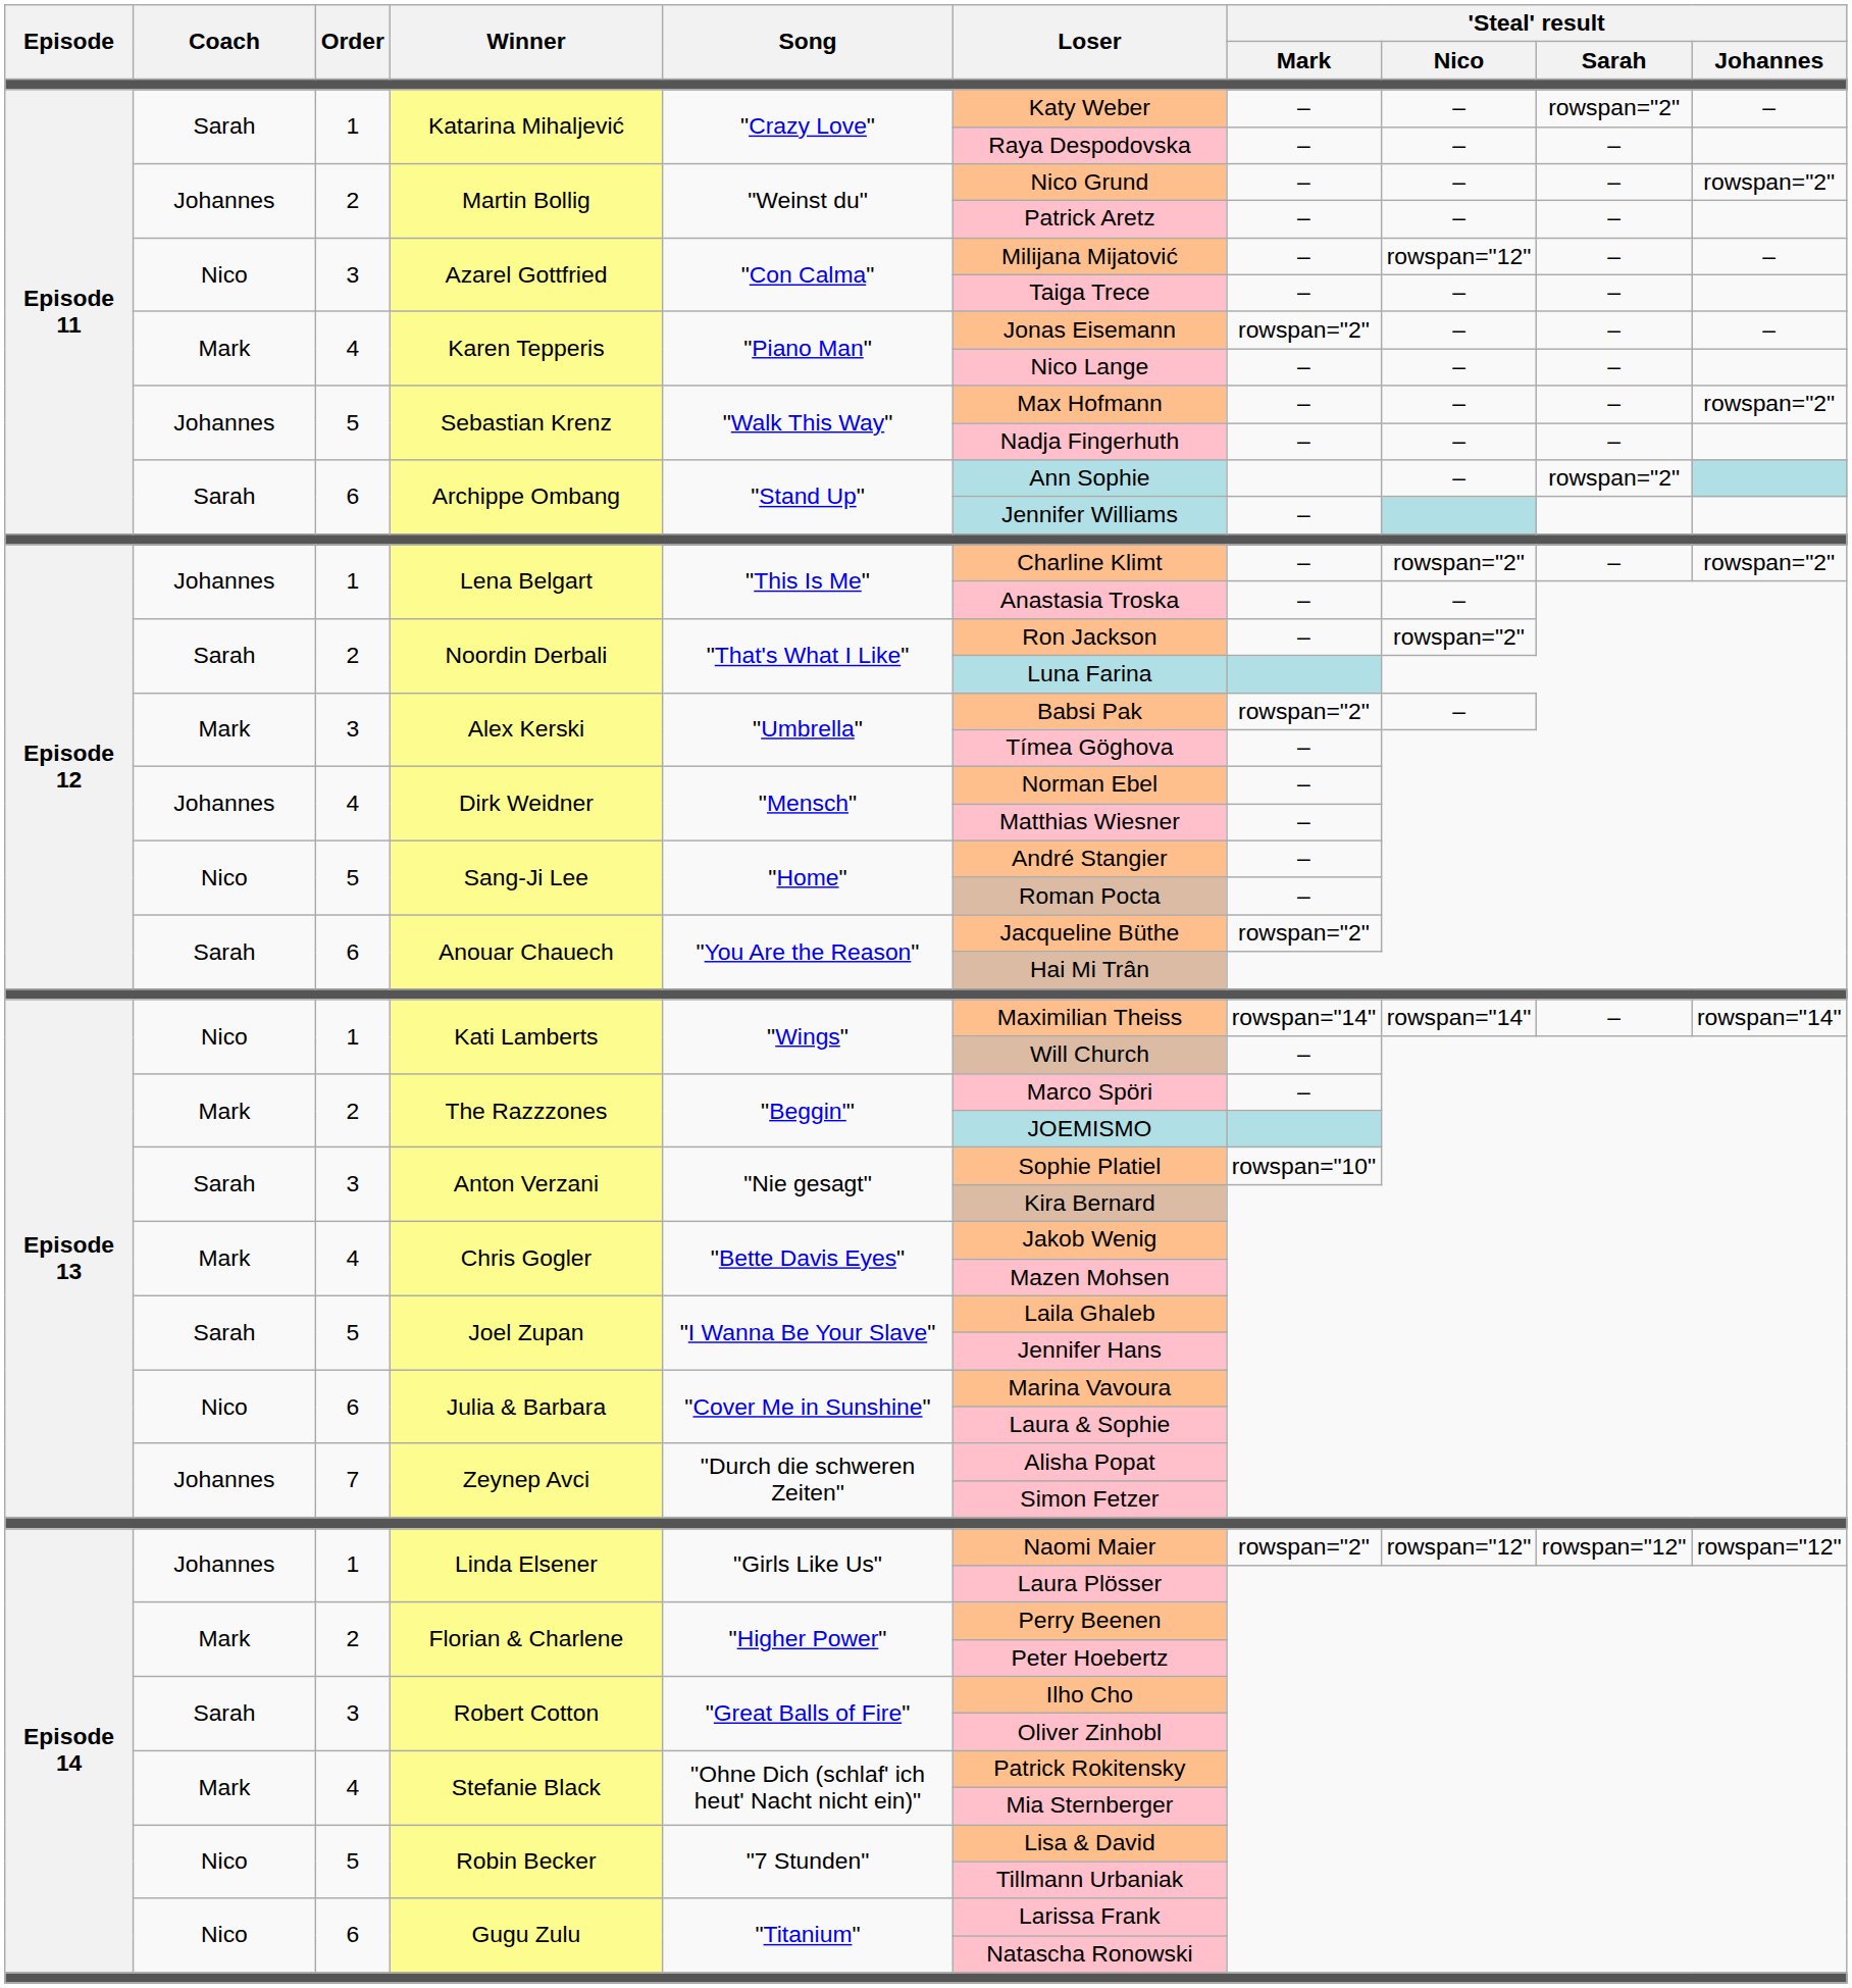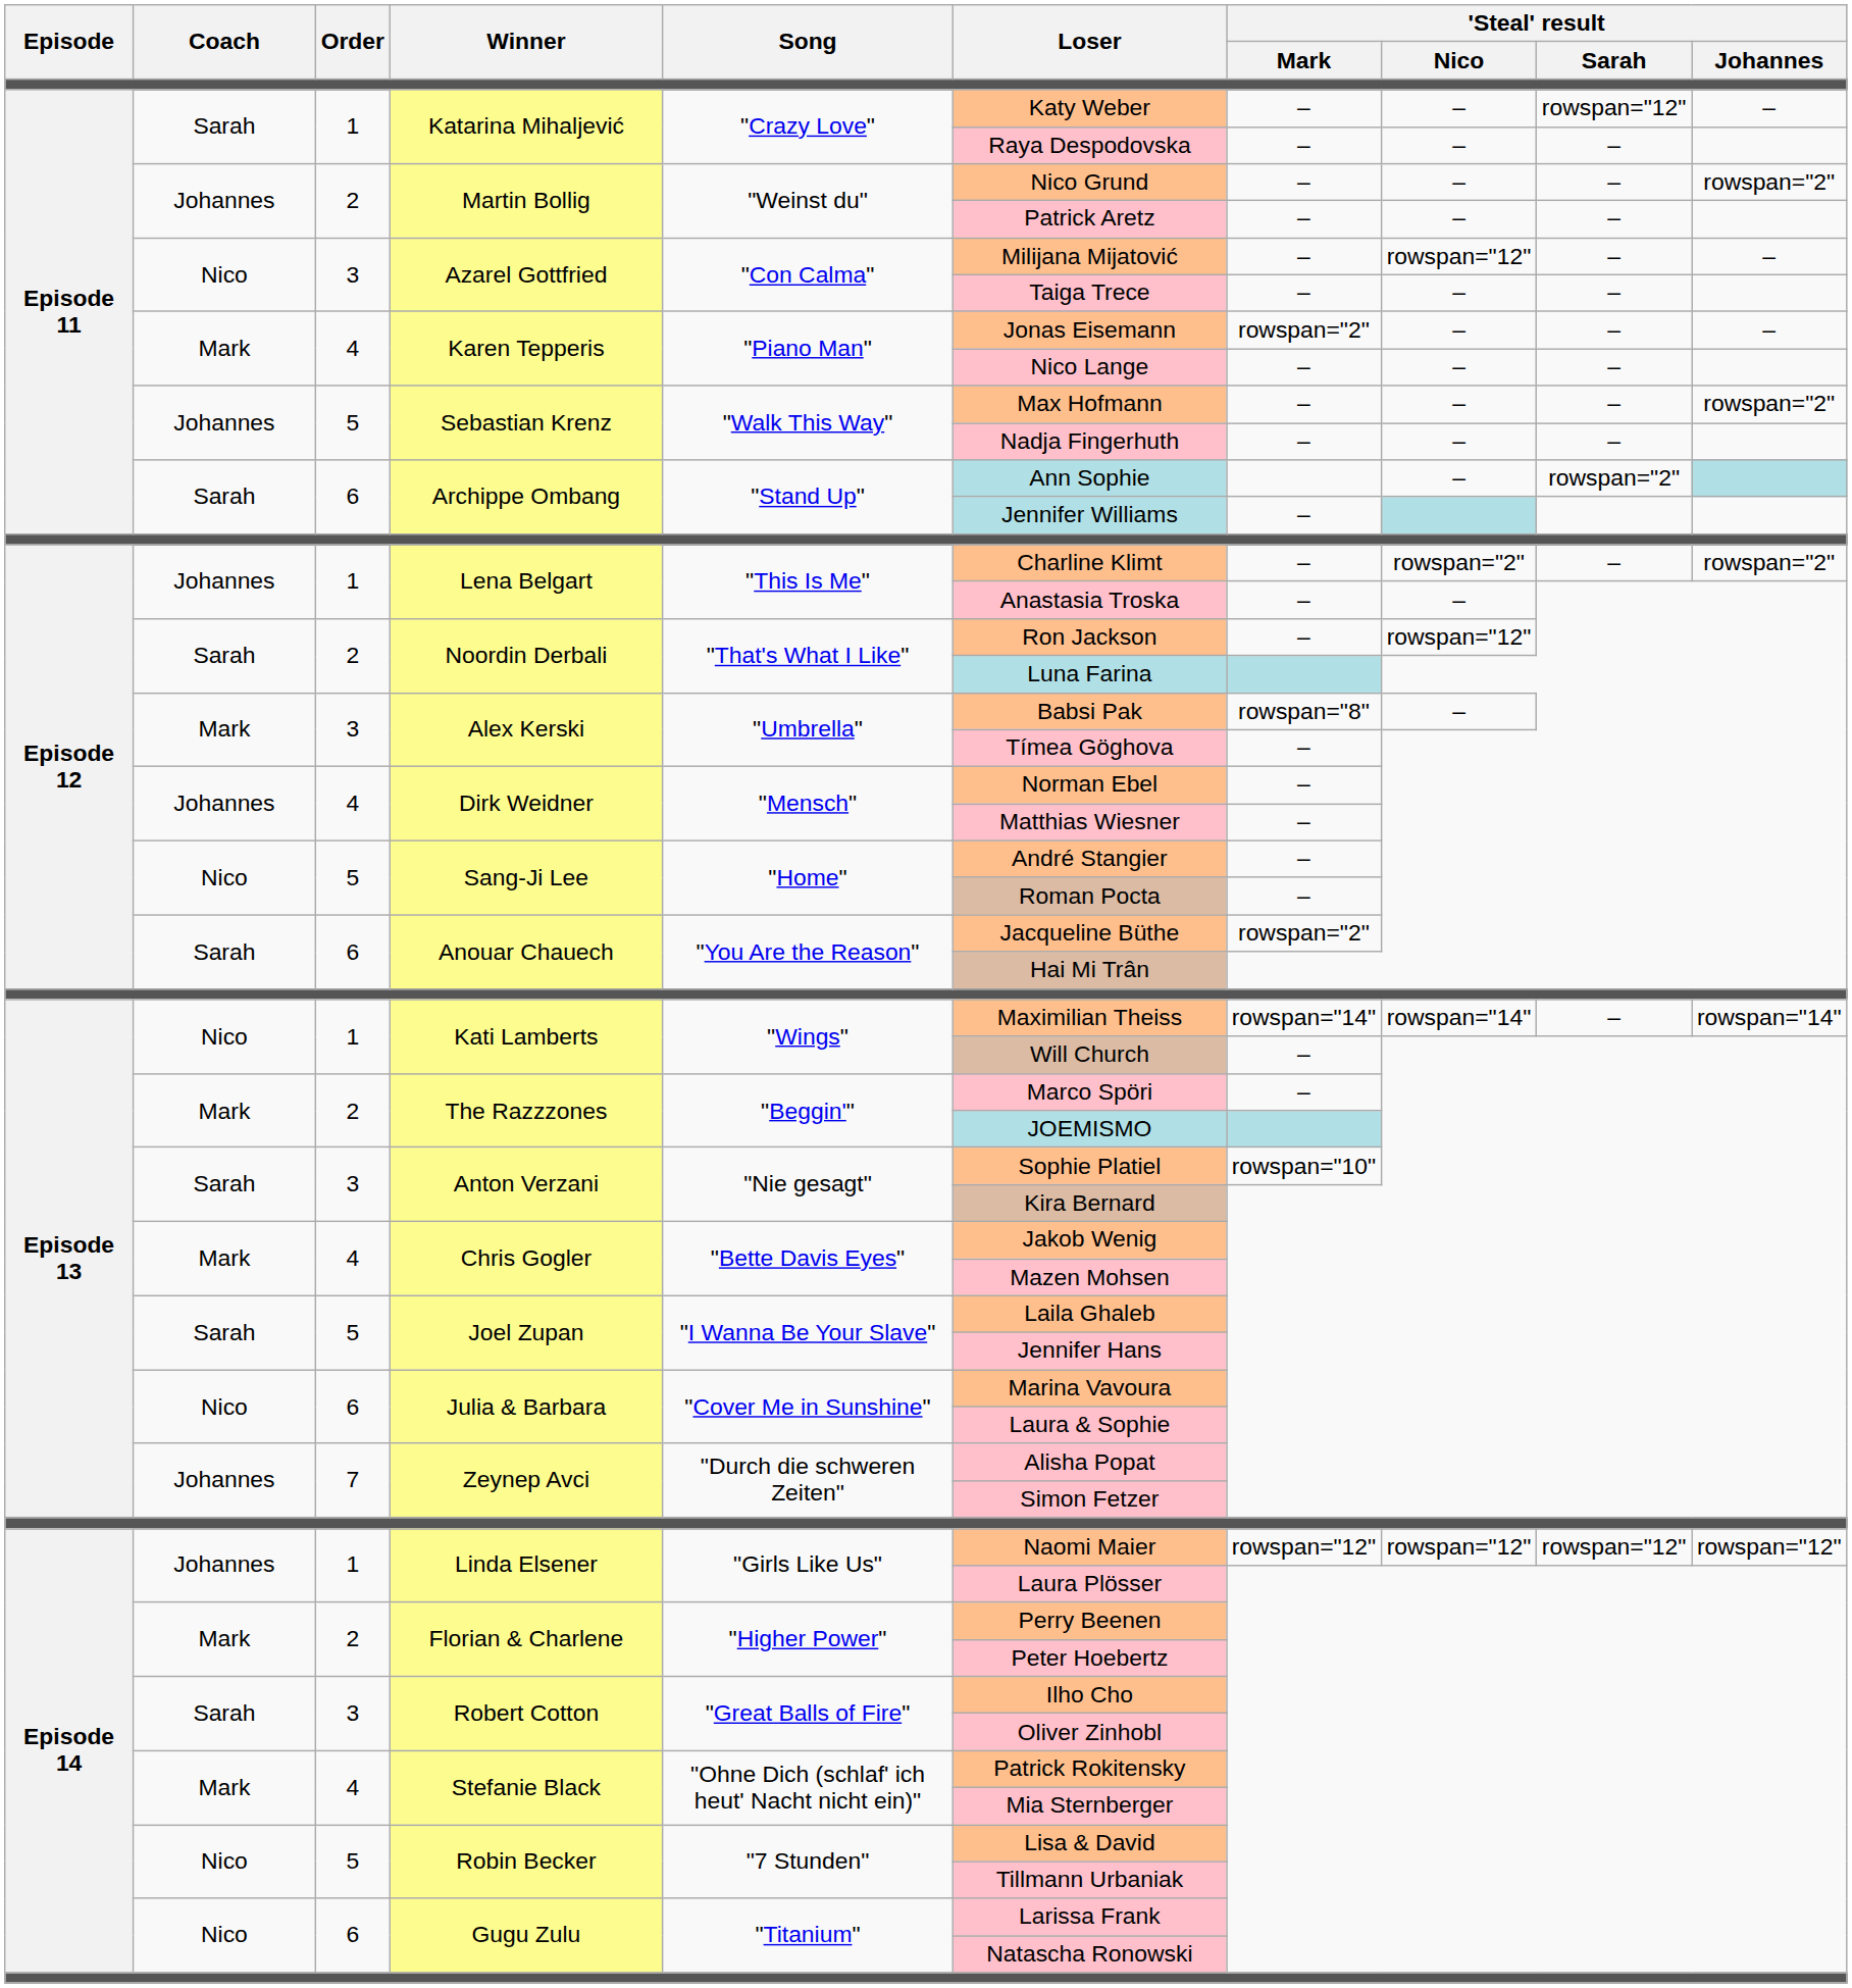 <table class="wikitable" style="text-align: center; width:100%;">
 <tr>
 <th rowspan="2" style="width:07%;">Episode</th>
 <th rowspan="2" style="width:10%;">Coach</th>
 <th rowspan="2" style="width:02%;">Order</th>
 <th rowspan="2" style="width:15%;">Winner</th>
 <th rowspan="2" style="width:16%;">Song</th>
 <th rowspan="2" style="width:15%;">Loser</th>
 <th colspan="4" style="width:25%;">'Steal' result</th>
 </tr>
 <tr>
 <th style="width:06%;">Mark</th>
 <th style="width:06%;">Nico</th>
 <th style="width:06%;">Sarah</th>
 <th style="width:06%;">Johannes</th>
 </tr>
 <tr>
 <td colspan="10" style="background:#555;"></td>
 </tr>
 <tr>
 <th rowspan="12">Episode 11<br><small></small></th>
 <td rowspan="2">Sarah</td>
 <td rowspan="2">1</td>
 <td rowspan="2" style="background:#fdfc8f;">Katarina Mihaljević</td>
 <td rowspan="2">"<a href='#'>Crazy Love</a>"</td>
 <td style="background:#FFBF8C;">Katy Weber</td>
 <td>–</td>
 <td>–</td>
-<td>rowspan="2" </td>
+<td>rowspan="12" </td>
 <td>–</td>
 </tr>
 <tr>
 <td style="background:pink;">Raya Despodovska</td>
 <td>–</td>
 <td>–</td>
 <td>–</td>
 </tr>
 <tr>
 <td rowspan="2">Johannes</td>
 <td rowspan="2">2</td>
 <td rowspan="2" style="background:#fdfc8f;">Martin Bollig</td>
 <td rowspan="2">"Weinst du"</td>
 <td style="background:#FFBF8C;">Nico Grund</td>
 <td>–</td>
 <td>–</td>
 <td>–</td>
 <td>rowspan="2" </td>
 </tr>
 <tr>
 <td style="background:pink;">Patrick Aretz</td>
 <td>–</td>
 <td>–</td>
 <td>–</td>
 </tr>
 <tr>
 <td rowspan="2">Nico</td>
 <td rowspan="2">3</td>
 <td rowspan="2" style="background:#fdfc8f;">Azarel Gottfried</td>
 <td rowspan="2">"<a href='#'>Con Calma</a>"</td>
 <td style="background:#FFBF8C;">Milijana Mijatović</td>
 <td>–</td>
 <td>rowspan="12" </td>
 <td>–</td>
 <td>–</td>
 </tr>
 <tr>
 <td style="background:pink;">Taiga Trece</td>
 <td>–</td>
 <td>–</td>
 <td>–</td>
 </tr>
 <tr>
 <td rowspan="2">Mark</td>
 <td rowspan="2">4</td>
 <td rowspan="2" style="background:#fdfc8f;">Karen Tepperis</td>
 <td rowspan="2">"<a href='#'>Piano Man</a>"</td>
 <td style="background:#FFBF8C;">Jonas Eisemann</td>
 <td>rowspan="2" </td>
 <td>–</td>
 <td>–</td>
 <td>–</td>
 </tr>
 <tr>
 <td style="background:pink;">Nico Lange</td>
 <td>–</td>
 <td>–</td>
 <td>–</td>
 </tr>
 <tr>
 <td rowspan="2">Johannes</td>
 <td rowspan="2">5</td>
 <td rowspan="2" style="background:#fdfc8f;">Sebastian Krenz</td>
 <td rowspan="2">"<a href='#'>Walk This Way</a>"</td>
 <td style="background:#FFBF8C;">Max Hofmann</td>
 <td>–</td>
 <td>–</td>
 <td>–</td>
 <td>rowspan="2" </td>
 </tr>
 <tr>
 <td style="background:pink;">Nadja Fingerhuth</td>
 <td>–</td>
 <td>–</td>
 <td>–</td>
 </tr>
 <tr>
 <td rowspan="2">Sarah</td>
 <td rowspan="2">6</td>
 <td rowspan="2" style="background:#fdfc8f;">Archippe Ombang</td>
 <td rowspan="2">"<a href='#'>Stand Up</a>"</td>
 <td style="background:#b0e0e6;">Ann Sophie</td>
 <td><strong></strong></td>
 <td>–</td>
 <td>rowspan="2" </td>
 <td style="background: #b0e0e6;"><strong></strong></td>
 </tr>
 <tr>
 <td style="background:#b0e0e6;">Jennifer Williams</td>
 <td>–</td>
 <td style="background: #b0e0e6;"><strong></strong></td>
 <td></td>
 </tr>
 <tr>
 <td colspan="10" style="background:#555"></td>
 </tr>
 <tr>
 <th rowspan="12">Episode 12<br><small></small></th>
 <td rowspan="2">Johannes</td>
 <td rowspan="2">1</td>
 <td rowspan="2" style="background:#fdfc8f;">Lena Belgart</td>
 <td rowspan="2">"<a href='#'>This Is Me</a>"</td>
 <td style="background:#FFBF8C;">Charline Klimt</td>
 <td>–</td>
 <td>rowspan="2" </td>
 <td>–</td>
 <td>rowspan="2" </td>
 </tr>
 <tr>
 <td style="background:pink;">Anastasia Troska</td>
 <td>–</td>
 <td>–</td>
 </tr>
 <tr>
 <td rowspan="2">Sarah</td>
 <td rowspan="2">2</td>
 <td rowspan="2" style="background:#fdfc8f;">Noordin Derbali</td>
 <td rowspan="2">"<a href='#'>That's What I Like</a>"</td>
 <td style="background:#FFBF8C;">Ron Jackson</td>
 <td>–</td>
-<td>rowspan="2" </td>
+<td>rowspan="12" </td>
 </tr>
 <tr>
 <td style="background:#b0e0e6;">Luna Farina</td>
 <td style="background: #b0e0e6;"><strong></strong></td>
 </tr>
 <tr>
 <td rowspan="2">Mark</td>
 <td rowspan="2">3</td>
 <td rowspan="2" style="background:#fdfc8f;">Alex Kerski</td>
 <td rowspan="2">"<a href='#'>Umbrella</a>"</td>
 <td style="background:#FFBF8C;">Babsi Pak</td>
-<td>rowspan="2" </td>
+<td>rowspan="8" </td>
 <td>–</td>
 </tr>
 <tr>
 <td style="background:pink;">Tímea Göghova</td>
 <td>–</td>
 </tr>
 <tr>
 <td rowspan="2">Johannes</td>
 <td rowspan="2">4</td>
 <td rowspan="2" style="background:#fdfc8f;">Dirk Weidner</td>
 <td rowspan="2">"<a href='#'>Mensch</a>"</td>
 <td style="background:#FFBF8C;">Norman Ebel</td>
 <td>–</td>
 </tr>
 <tr>
 <td style="background:pink;">Matthias Wiesner</td>
 <td>–</td>
 </tr>
 <tr>
 <td rowspan="2">Nico</td>
 <td rowspan="2">5</td>
 <td rowspan="2" style="background:#fdfc8f;">Sang-Ji Lee</td>
 <td rowspan="2">"<a href='#'>Home</a>"</td>
 <td style="background:#FFBF8C;">André Stangier</td>
 <td>–</td>
 </tr>
 <tr>
 <td style="background:#dbbba4;">Roman Pocta</td>
 <td>–</td>
 </tr>
 <tr>
 <td rowspan="2">Sarah</td>
 <td rowspan="2">6</td>
 <td rowspan="2" style="background:#fdfc8f;">Anouar Chauech</td>
 <td rowspan="2">"<a href='#'>You Are the Reason</a>"</td>
 <td style="background:#FFBF8C;">Jacqueline Büthe</td>
 <td>rowspan="2" </td>
 </tr>
 <tr>
 <td style="background:#dbbba4;">Hai Mi Trân</td>
 </tr>
 <tr>
 <td colspan="10" style="background:#555"></td>
 </tr>
 <tr>
 <th rowspan="14">Episode 13<br><small></small></th>
 <td rowspan="2">Nico</td>
 <td rowspan="2">1</td>
 <td rowspan="2" style="background:#fdfc8f;">Kati Lamberts</td>
 <td rowspan="2">"<a href='#'>Wings</a>"</td>
 <td style="background:#FFBF8C;">Maximilian Theiss</td>
 <td>rowspan="14" </td>
 <td>rowspan="14" </td>
 <td>–</td>
 <td>rowspan="14" </td>
 </tr>
 <tr>
 <td style="background:#dbbba4;">Will Church</td>
 <td>–</td>
 </tr>
 <tr>
 <td rowspan="2">Mark</td>
 <td rowspan="2">2</td>
 <td rowspan="2" style="background:#fdfc8f;">The Razzzones</td>
 <td rowspan="2">"<a href='#'>Beggin'</a>"</td>
 <td style="background:pink;">Marco Spöri</td>
 <td>–</td>
 </tr>
 <tr>
 <td style="background:#b0e0e6;">JOEMISMO</td>
 <td style="background: #b0e0e6;"><strong></strong></td>
 </tr>
 <tr>
 <td rowspan="2">Sarah</td>
 <td rowspan="2">3</td>
 <td rowspan="2" style="background:#fdfc8f;">Anton Verzani</td>
 <td rowspan="2">"Nie gesagt"</td>
 <td style="background:#FFBF8C;">Sophie Platiel</td>
 <td>rowspan="10" </td>
 </tr>
 <tr>
 <td style="background:#dbbba4;">Kira Bernard</td>
 </tr>
 <tr>
 <td rowspan="2">Mark</td>
 <td rowspan="2">4</td>
 <td rowspan="2" style="background:#fdfc8f;">Chris Gogler</td>
 <td rowspan="2">"<a href='#'>Bette Davis Eyes</a>"</td>
 <td style="background:#FFBF8C;">Jakob Wenig</td>
 </tr>
 <tr>
 <td style="background:pink;">Mazen Mohsen</td>
 </tr>
 <tr>
 <td rowspan="2">Sarah</td>
 <td rowspan="2">5</td>
 <td rowspan="2" style="background:#fdfc8f;">Joel Zupan</td>
 <td rowspan="2">"<a href='#'>I Wanna Be Your Slave</a>"</td>
 <td style="background:#FFBF8C;">Laila Ghaleb</td>
 </tr>
 <tr>
 <td style="background:pink;">Jennifer Hans</td>
 </tr>
 <tr>
 <td rowspan="2">Nico</td>
 <td rowspan="2">6</td>
 <td rowspan="2" style="background:#fdfc8f;">Julia & Barbara</td>
 <td rowspan="2">"<a href='#'>Cover Me in Sunshine</a>"</td>
 <td style="background:#FFBF8C;">Marina Vavoura</td>
 </tr>
 <tr>
 <td style="background:pink;">Laura & Sophie</td>
 </tr>
 <tr>
 <td rowspan="2">Johannes</td>
 <td rowspan="2">7</td>
 <td rowspan="2" style="background:#fdfc8f;">Zeynep Avci</td>
 <td rowspan="2">"Durch die schweren Zeiten"</td>
 <td style="background:pink;">Alisha Popat</td>
 </tr>
 <tr>
 <td style="background:pink;">Simon Fetzer</td>
 </tr>
 <tr>
 <td colspan="10" style="background:#555;"></td>
 </tr>
 <tr>
 <th rowspan="12">Episode 14<br><small></small></th>
 <td rowspan="2">Johannes</td>
 <td rowspan="2">1</td>
 <td rowspan="2" style="background:#fdfc8f;">Linda Elsener</td>
 <td rowspan="2">"Girls Like Us"</td>
 <td style="background:#FFBF8C;">Naomi Maier</td>
-<td>rowspan="2" </td>
+<td>rowspan="12" </td>
 <td>rowspan="12" </td>
 <td>rowspan="12" </td>
 <td>rowspan="12" </td>
 </tr>
 <tr>
 <td style="background:pink;">Laura Plösser</td>
 </tr>
 <tr>
 <td rowspan="2">Mark</td>
 <td rowspan="2">2</td>
 <td rowspan="2" style="background:#fdfc8f;">Florian & Charlene</td>
 <td rowspan="2">"<a href='#'>Higher Power</a>"</td>
 <td style="background:#FFBF8C;">Perry Beenen</td>
 </tr>
 <tr>
 <td style="background:pink;">Peter Hoebertz</td>
 </tr>
 <tr>
 <td rowspan="2">Sarah</td>
 <td rowspan="2">3</td>
 <td rowspan="2" style="background:#fdfc8f;">Robert Cotton</td>
 <td rowspan="2">"<a href='#'>Great Balls of Fire</a>"</td>
 <td style="background:#FFBF8C;">Ilho Cho</td>
 </tr>
 <tr>
 <td style="background:pink;">Oliver Zinhobl</td>
 </tr>
 <tr>
 <td rowspan="2">Mark</td>
 <td rowspan="2">4</td>
 <td rowspan="2" style="background:#fdfc8f;">Stefanie Black</td>
 <td rowspan="2">"Ohne Dich (schlaf' ich heut' Nacht nicht ein)"</td>
 <td style="background:#FFBF8C;">Patrick Rokitensky</td>
 </tr>
 <tr>
 <td style="background:pink;">Mia Sternberger</td>
 </tr>
 <tr>
 <td rowspan="2">Nico</td>
 <td rowspan="2">5</td>
 <td rowspan="2" style="background:#fdfc8f;">Robin Becker</td>
 <td rowspan="2">"7 Stunden"</td>
 <td style="background:#FFBF8C;">Lisa & David</td>
 </tr>
 <tr>
 <td style="background:pink;">Tillmann Urbaniak</td>
 </tr>
 <tr>
 <td rowspan="2">Nico</td>
 <td rowspan="2">6</td>
 <td rowspan="2" style="background:#fdfc8f;">Gugu Zulu</td>
 <td rowspan="2">"<a href='#'>Titanium</a>"</td>
 <td style="background:pink;">Larissa Frank</td>
 </tr>
 <tr>
 <td style="background:pink;">Natascha Ronowski</td>
 </tr>
 <tr>
 <td colspan="10" style="background:#555;"></td>
 </tr>
 <tr>
 </tr>
 </table>
